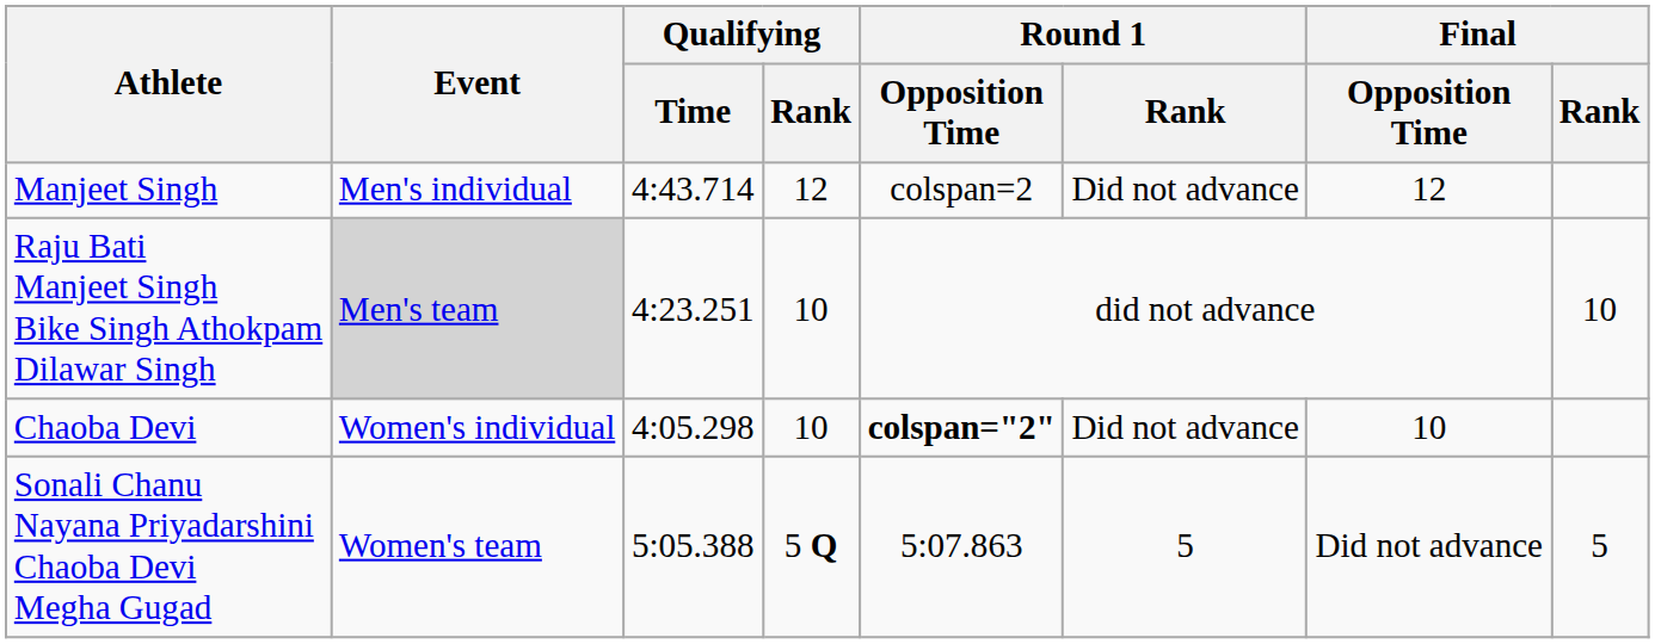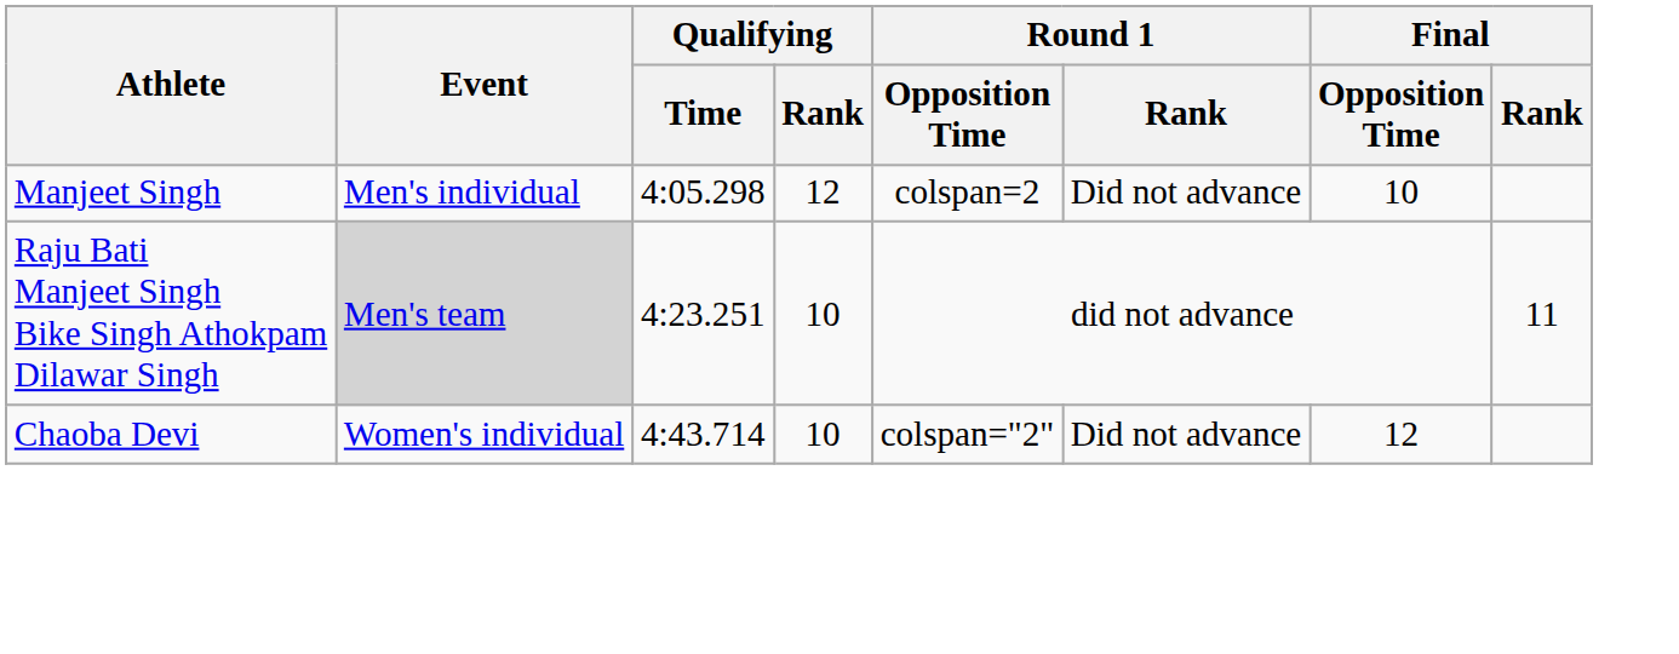 <table class=wikitable style="text-align:center; font-size:90%">
 <tr>
 <th rowspan="2">Athlete</th>
 <th rowspan="2">Event</th>
 <th colspan="2">Qualifying</th>
 <th colspan="2">Round 1</th>
 <th colspan="2">Final</th>
 </tr>
 <tr>
 <th>Time</th>
 <th>Rank</th>
 <th>Opposition<br>Time</th>
 <th>Rank</th>
 <th>Opposition<br>Time</th>
 <th>Rank</th>
 </tr>
 <tr>
 <td align=left><a href='#'>Manjeet Singh</a></td>
 <td align=left><a href='#'>Men's individual</a></td>
-<td>4:43.714</td>
+<td>4:05.298</td>
 <td>12</td>
 <td>colspan=2 </td>
 <td>Did not advance</td>
-<td>12</td>
+<td>10</td>
 </tr>
 <tr>
 <td align=left><a href='#'>Raju Bati</a><br><a href='#'>Manjeet Singh</a><br><a href='#'>Bike Singh Athokpam</a><br><a href='#'>Dilawar Singh</a></td>
 <td align=left style="background: lightgrey;"><a href='#'>Men's team</a></td>
 <td>4:23.251</td>
 <td>10</td>
 <td colspan="3">did not advance</td>
-<td>10</td>
+<td>11</td>
 </tr>
 <tr>
 <td align=left><a href='#'>Chaoba Devi</a></td>
 <td align=left><a href='#'>Women's individual</a></td>
-<td>4:05.298</td>
+<td>4:43.714</td>
 <td>10</td>
-<td><strong>colspan="2" </strong></td>
+<td>colspan="2" </td>
 <td>Did not advance</td>
-<td>10</td>
-</tr>
-<tr>
-<td align=left><a href='#'>Sonali Chanu</a><br><a href='#'>Nayana Priyadarshini</a><br><a href='#'>Chaoba Devi</a><br><a href='#'>Megha Gugad</a></td>
-<td align=left><a href='#'>Women's team</a></td>
-<td>5:05.388</td>
-<td>5 <strong>Q</strong></td>
-<td>5:07.863</td>
-<td>5</td>
-<td>Did not advance</td>
-<td>5</td>
+<td>12</td>
 </tr>
 </table>
